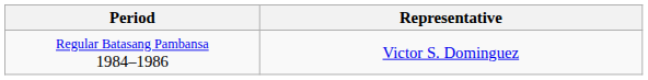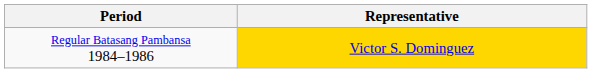 <table class="wikitable" style="text-align:center; width:40%;">
 <tr>
 <th width="40%">Period</th>
 <th>Representative</th>
 </tr>
 <tr>
 <td><small><a href='#'>Regular Batasang Pambansa</a></small><br>1984–1986</td>
-<td><a href='#'>Victor S. Dominguez</a></td>
+<td style="background: gold;"><a href='#'>Victor S. Dominguez</a></td>
 </tr>
 </table>
